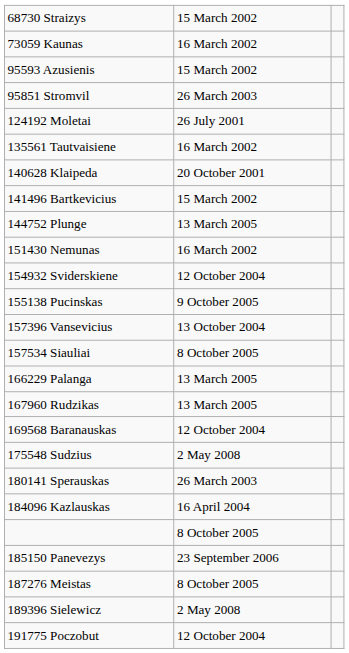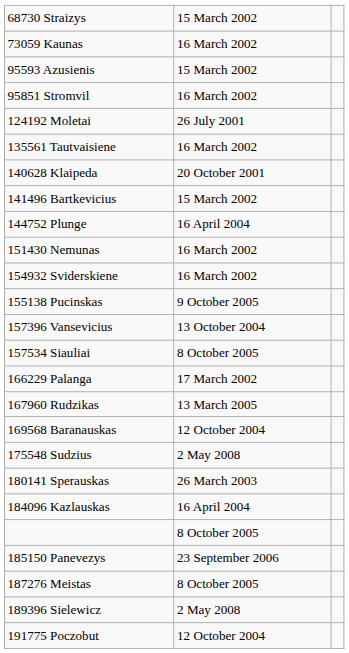 <table class="wikitable" style="font-size: 89%; float: left; width: 26em; margin-right: 1em; height: 700px;">
 <tr>
 <td>68730 Straizys</td>
 <td>15 March 2002</td>
 <td> </td>
 </tr>
 <tr>
 <td>73059 Kaunas</td>
 <td>16 March 2002</td>
 <td> </td>
 </tr>
 <tr>
 <td>95593 Azusienis</td>
 <td>15 March 2002</td>
 <td> </td>
 </tr>
 <tr>
 <td>95851 Stromvil</td>
-<td>26 March 2003</td>
+<td>16 March 2002</td>
 <td> </td>
 </tr>
 <tr>
 <td>124192 Moletai</td>
 <td>26 July 2001</td>
 <td> </td>
 </tr>
 <tr>
 <td>135561 Tautvaisiene</td>
 <td>16 March 2002</td>
 <td> </td>
 </tr>
 <tr>
 <td>140628 Klaipeda</td>
 <td>20 October 2001</td>
 <td> </td>
 </tr>
 <tr>
 <td>141496 Bartkevicius</td>
 <td>15 March 2002</td>
 <td> </td>
 </tr>
 <tr>
 <td>144752 Plunge</td>
-<td>13 March 2005</td>
+<td>16 April 2004</td>
 <td> </td>
 </tr>
 <tr>
 <td>151430 Nemunas</td>
 <td>16 March 2002</td>
 <td> </td>
 </tr>
 <tr>
 <td>154932 Sviderskiene</td>
-<td>12 October 2004</td>
+<td>16 March 2002</td>
 <td> </td>
 </tr>
 <tr>
 <td>155138 Pucinskas</td>
 <td>9 October 2005</td>
 <td> </td>
 </tr>
 <tr>
 <td>157396 Vansevicius</td>
 <td>13 October 2004</td>
 <td> </td>
 </tr>
 <tr>
 <td>157534 Siauliai</td>
 <td>8 October 2005</td>
 <td> </td>
 </tr>
 <tr>
 <td>166229 Palanga</td>
-<td>13 March 2005</td>
+<td>17 March 2002</td>
 <td></td>
 </tr>
 <tr>
 <td>167960 Rudzikas</td>
 <td>13 March 2005</td>
 <td> </td>
 </tr>
 <tr>
 <td>169568 Baranauskas</td>
 <td>12 October 2004</td>
 <td> </td>
 </tr>
 <tr>
 <td>175548 Sudzius</td>
 <td>2 May 2008</td>
 <td> </td>
 </tr>
 <tr>
 <td>180141 Sperauskas</td>
 <td>26 March 2003</td>
 <td> </td>
 </tr>
 <tr>
 <td>184096 Kazlauskas</td>
 <td>16 April 2004</td>
 <td> </td>
 </tr>
 <tr>
 <td></td>
 <td>8 October 2005</td>
 <td> </td>
 </tr>
 <tr>
 <td>185150 Panevezys</td>
 <td>23 September 2006</td>
 <td></td>
 </tr>
 <tr>
 <td>187276 Meistas</td>
 <td>8 October 2005</td>
 <td> </td>
 </tr>
 <tr>
 <td>189396 Sielewicz</td>
 <td>2 May 2008</td>
 <td> </td>
 </tr>
 <tr>
 <td>191775 Poczobut</td>
 <td>12 October 2004</td>
 <td> </td>
 </tr>
 </table>
